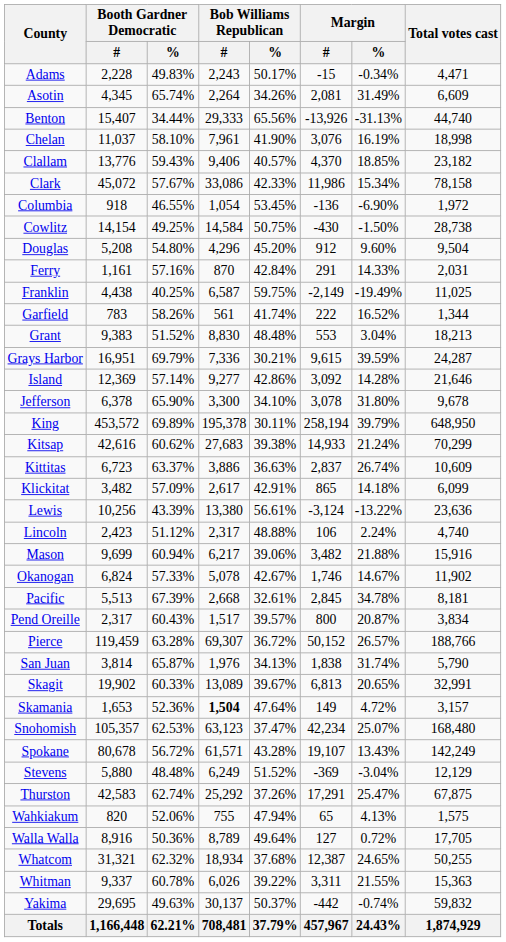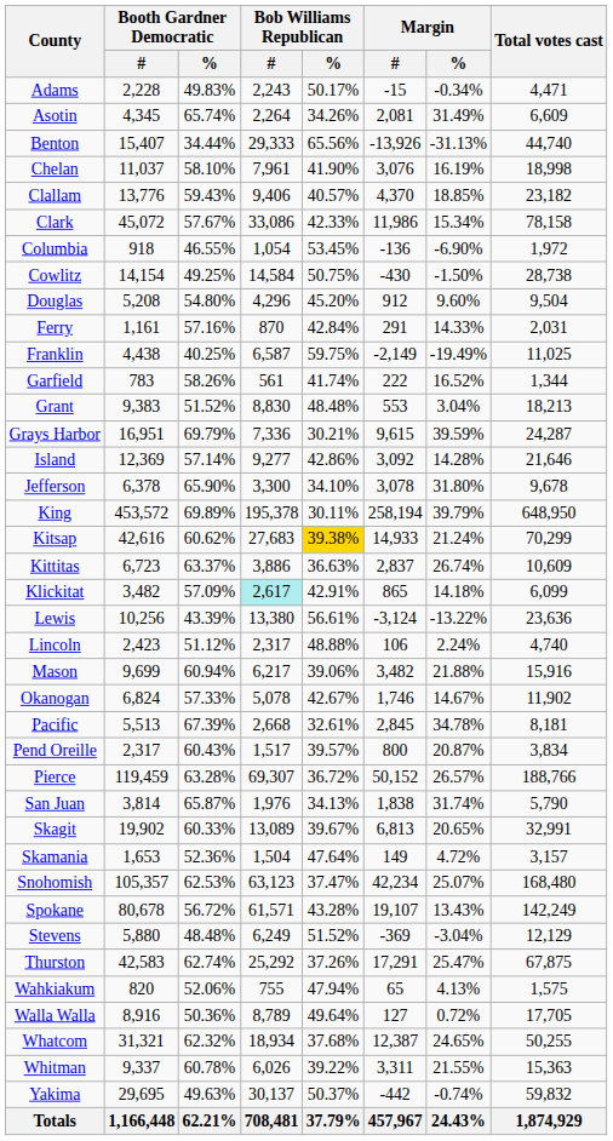 <table class="wikitable sortable">
 <tr>
 <th style="text-align:center;" rowspan="2">County</th>
 <th style="text-align:center;" colspan="2">Booth Gardner<br>Democratic</th>
 <th style="text-align:center;" colspan="2">Bob Williams<br>Republican</th>
 <th style="text-align:center;" colspan="2">Margin</th>
 <th style="text-align:center;" rowspan="2">Total votes cast</th>
 </tr>
 <tr bgcolor="lightgrey">
 <th style="text-align:center;" data-sort-type="number">#</th>
 <th style="text-align:center;" data-sort-type="number">%</th>
 <th style="text-align:center;" data-sort-type="number">#</th>
 <th style="text-align:center;" data-sort-type="number">%</th>
 <th style="text-align:center;" data-sort-type="number">#</th>
 <th style="text-align:center;" data-sort-type="number">%</th>
 </tr>
 <tr style="text-align:center;">
 <td><a href='#'>Adams</a></td>
 <td>2,228</td>
 <td>49.83%</td>
 <td>2,243</td>
 <td>50.17%</td>
 <td>-15</td>
 <td>-0.34%</td>
 <td>4,471</td>
 </tr>
 <tr style="text-align:center;">
 <td><a href='#'>Asotin</a></td>
 <td>4,345</td>
 <td>65.74%</td>
 <td>2,264</td>
 <td>34.26%</td>
 <td>2,081</td>
 <td>31.49%</td>
 <td>6,609</td>
 </tr>
 <tr style="text-align:center;">
 <td><a href='#'>Benton</a></td>
 <td>15,407</td>
 <td>34.44%</td>
 <td>29,333</td>
 <td>65.56%</td>
 <td>-13,926</td>
 <td>-31.13%</td>
 <td>44,740</td>
 </tr>
 <tr style="text-align:center;">
 <td><a href='#'>Chelan</a></td>
 <td>11,037</td>
 <td>58.10%</td>
 <td>7,961</td>
 <td>41.90%</td>
 <td>3,076</td>
 <td>16.19%</td>
 <td>18,998</td>
 </tr>
 <tr style="text-align:center;">
 <td><a href='#'>Clallam</a></td>
 <td>13,776</td>
 <td>59.43%</td>
 <td>9,406</td>
 <td>40.57%</td>
 <td>4,370</td>
 <td>18.85%</td>
 <td>23,182</td>
 </tr>
 <tr style="text-align:center;">
 <td><a href='#'>Clark</a></td>
 <td>45,072</td>
 <td>57.67%</td>
 <td>33,086</td>
 <td>42.33%</td>
 <td>11,986</td>
 <td>15.34%</td>
 <td>78,158</td>
 </tr>
 <tr style="text-align:center;">
 <td><a href='#'>Columbia</a></td>
 <td>918</td>
 <td>46.55%</td>
 <td>1,054</td>
 <td>53.45%</td>
 <td>-136</td>
 <td>-6.90%</td>
 <td>1,972</td>
 </tr>
 <tr style="text-align:center;">
 <td><a href='#'>Cowlitz</a></td>
 <td>14,154</td>
 <td>49.25%</td>
 <td>14,584</td>
 <td>50.75%</td>
 <td>-430</td>
 <td>-1.50%</td>
 <td>28,738</td>
 </tr>
 <tr style="text-align:center;">
 <td><a href='#'>Douglas</a></td>
 <td>5,208</td>
 <td>54.80%</td>
 <td>4,296</td>
 <td>45.20%</td>
 <td>912</td>
 <td>9.60%</td>
 <td>9,504</td>
 </tr>
 <tr style="text-align:center;">
 <td><a href='#'>Ferry</a></td>
 <td>1,161</td>
 <td>57.16%</td>
 <td>870</td>
 <td>42.84%</td>
 <td>291</td>
 <td>14.33%</td>
 <td>2,031</td>
 </tr>
 <tr style="text-align:center;">
 <td><a href='#'>Franklin</a></td>
 <td>4,438</td>
 <td>40.25%</td>
 <td>6,587</td>
 <td>59.75%</td>
 <td>-2,149</td>
 <td>-19.49%</td>
 <td>11,025</td>
 </tr>
 <tr style="text-align:center;">
 <td><a href='#'>Garfield</a></td>
 <td>783</td>
 <td>58.26%</td>
 <td>561</td>
 <td>41.74%</td>
 <td>222</td>
 <td>16.52%</td>
 <td>1,344</td>
 </tr>
 <tr style="text-align:center;">
 <td><a href='#'>Grant</a></td>
 <td>9,383</td>
 <td>51.52%</td>
 <td>8,830</td>
 <td>48.48%</td>
 <td>553</td>
 <td>3.04%</td>
 <td>18,213</td>
 </tr>
 <tr style="text-align:center;">
 <td><a href='#'>Grays Harbor</a></td>
 <td>16,951</td>
 <td>69.79%</td>
 <td>7,336</td>
 <td>30.21%</td>
 <td>9,615</td>
 <td>39.59%</td>
 <td>24,287</td>
 </tr>
 <tr style="text-align:center;">
 <td><a href='#'>Island</a></td>
 <td>12,369</td>
 <td>57.14%</td>
 <td>9,277</td>
 <td>42.86%</td>
 <td>3,092</td>
 <td>14.28%</td>
 <td>21,646</td>
 </tr>
 <tr style="text-align:center;">
 <td><a href='#'>Jefferson</a></td>
 <td>6,378</td>
 <td>65.90%</td>
 <td>3,300</td>
 <td>34.10%</td>
 <td>3,078</td>
 <td>31.80%</td>
 <td>9,678</td>
 </tr>
 <tr style="text-align:center;">
 <td><a href='#'>King</a></td>
 <td>453,572</td>
 <td>69.89%</td>
 <td>195,378</td>
 <td>30.11%</td>
 <td>258,194</td>
 <td>39.79%</td>
 <td>648,950</td>
 </tr>
 <tr style="text-align:center;">
 <td><a href='#'>Kitsap</a></td>
 <td>42,616</td>
 <td>60.62%</td>
 <td>27,683</td>
-<td>39.38%</td>
+<td style="background: gold;">39.38%</td>
 <td>14,933</td>
 <td>21.24%</td>
 <td>70,299</td>
 </tr>
 <tr style="text-align:center;">
 <td><a href='#'>Kittitas</a></td>
 <td>6,723</td>
 <td>63.37%</td>
 <td>3,886</td>
 <td>36.63%</td>
 <td>2,837</td>
 <td>26.74%</td>
 <td>10,609</td>
 </tr>
 <tr style="text-align:center;">
 <td><a href='#'>Klickitat</a></td>
 <td>3,482</td>
 <td>57.09%</td>
-<td>2,617</td>
+<td style="background: paleturquoise;">2,617</td>
 <td>42.91%</td>
 <td>865</td>
 <td>14.18%</td>
 <td>6,099</td>
 </tr>
 <tr style="text-align:center;">
 <td><a href='#'>Lewis</a></td>
 <td>10,256</td>
 <td>43.39%</td>
 <td>13,380</td>
 <td>56.61%</td>
 <td>-3,124</td>
 <td>-13.22%</td>
 <td>23,636</td>
 </tr>
 <tr style="text-align:center;">
 <td><a href='#'>Lincoln</a></td>
 <td>2,423</td>
 <td>51.12%</td>
 <td>2,317</td>
 <td>48.88%</td>
 <td>106</td>
 <td>2.24%</td>
 <td>4,740</td>
 </tr>
 <tr style="text-align:center;">
 <td><a href='#'>Mason</a></td>
 <td>9,699</td>
 <td>60.94%</td>
 <td>6,217</td>
 <td>39.06%</td>
 <td>3,482</td>
 <td>21.88%</td>
 <td>15,916</td>
 </tr>
 <tr style="text-align:center;">
 <td><a href='#'>Okanogan</a></td>
 <td>6,824</td>
 <td>57.33%</td>
 <td>5,078</td>
 <td>42.67%</td>
 <td>1,746</td>
 <td>14.67%</td>
 <td>11,902</td>
 </tr>
 <tr style="text-align:center;">
 <td><a href='#'>Pacific</a></td>
 <td>5,513</td>
 <td>67.39%</td>
 <td>2,668</td>
 <td>32.61%</td>
 <td>2,845</td>
 <td>34.78%</td>
 <td>8,181</td>
 </tr>
 <tr style="text-align:center;">
 <td><a href='#'>Pend Oreille</a></td>
 <td>2,317</td>
 <td>60.43%</td>
 <td>1,517</td>
 <td>39.57%</td>
 <td>800</td>
 <td>20.87%</td>
 <td>3,834</td>
 </tr>
 <tr style="text-align:center;">
 <td><a href='#'>Pierce</a></td>
 <td>119,459</td>
 <td>63.28%</td>
 <td>69,307</td>
 <td>36.72%</td>
 <td>50,152</td>
 <td>26.57%</td>
 <td>188,766</td>
 </tr>
 <tr style="text-align:center;">
 <td><a href='#'>San Juan</a></td>
 <td>3,814</td>
 <td>65.87%</td>
 <td>1,976</td>
 <td>34.13%</td>
 <td>1,838</td>
 <td>31.74%</td>
 <td>5,790</td>
 </tr>
 <tr style="text-align:center;">
 <td><a href='#'>Skagit</a></td>
 <td>19,902</td>
 <td>60.33%</td>
 <td>13,089</td>
 <td>39.67%</td>
 <td>6,813</td>
 <td>20.65%</td>
 <td>32,991</td>
 </tr>
 <tr style="text-align:center;">
 <td><a href='#'>Skamania</a></td>
 <td>1,653</td>
 <td>52.36%</td>
-<td><strong>1,504</strong></td>
+<td>1,504</td>
 <td>47.64%</td>
 <td>149</td>
 <td>4.72%</td>
 <td>3,157</td>
 </tr>
 <tr style="text-align:center;">
 <td><a href='#'>Snohomish</a></td>
 <td>105,357</td>
 <td>62.53%</td>
 <td>63,123</td>
 <td>37.47%</td>
 <td>42,234</td>
 <td>25.07%</td>
 <td>168,480</td>
 </tr>
 <tr style="text-align:center;">
 <td><a href='#'>Spokane</a></td>
 <td>80,678</td>
 <td>56.72%</td>
 <td>61,571</td>
 <td>43.28%</td>
 <td>19,107</td>
 <td>13.43%</td>
 <td>142,249</td>
 </tr>
 <tr style="text-align:center;">
 <td><a href='#'>Stevens</a></td>
 <td>5,880</td>
 <td>48.48%</td>
 <td>6,249</td>
 <td>51.52%</td>
 <td>-369</td>
 <td>-3.04%</td>
 <td>12,129</td>
 </tr>
 <tr style="text-align:center;">
 <td><a href='#'>Thurston</a></td>
 <td>42,583</td>
 <td>62.74%</td>
 <td>25,292</td>
 <td>37.26%</td>
 <td>17,291</td>
 <td>25.47%</td>
 <td>67,875</td>
 </tr>
 <tr style="text-align:center;">
 <td><a href='#'>Wahkiakum</a></td>
 <td>820</td>
 <td>52.06%</td>
 <td>755</td>
 <td>47.94%</td>
 <td>65</td>
 <td>4.13%</td>
 <td>1,575</td>
 </tr>
 <tr style="text-align:center;">
 <td><a href='#'>Walla Walla</a></td>
 <td>8,916</td>
 <td>50.36%</td>
 <td>8,789</td>
 <td>49.64%</td>
 <td>127</td>
 <td>0.72%</td>
 <td>17,705</td>
 </tr>
 <tr style="text-align:center;">
 <td><a href='#'>Whatcom</a></td>
 <td>31,321</td>
 <td>62.32%</td>
 <td>18,934</td>
 <td>37.68%</td>
 <td>12,387</td>
 <td>24.65%</td>
 <td>50,255</td>
 </tr>
 <tr style="text-align:center;">
 <td><a href='#'>Whitman</a></td>
 <td>9,337</td>
 <td>60.78%</td>
 <td>6,026</td>
 <td>39.22%</td>
 <td>3,311</td>
 <td>21.55%</td>
 <td>15,363</td>
 </tr>
 <tr style="text-align:center;">
 <td><a href='#'>Yakima</a></td>
 <td>29,695</td>
 <td>49.63%</td>
 <td>30,137</td>
 <td>50.37%</td>
 <td>-442</td>
 <td>-0.74%</td>
 <td>59,832</td>
 </tr>
 <tr>
 <th>Totals</th>
 <th>1,166,448</th>
 <th>62.21%</th>
 <th>708,481</th>
 <th>37.79%</th>
 <th>457,967</th>
 <th>24.43%</th>
 <th>1,874,929</th>
 </tr>
 </table>
